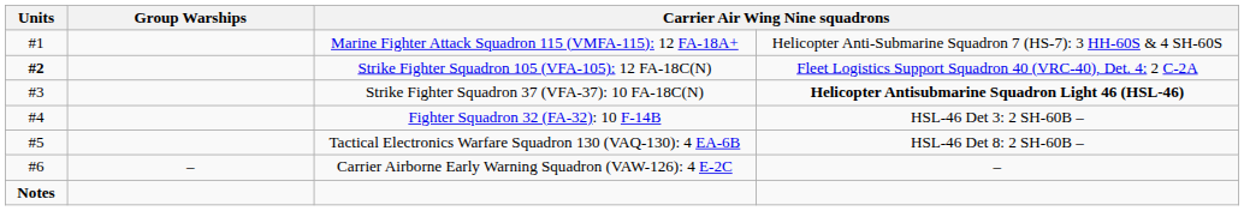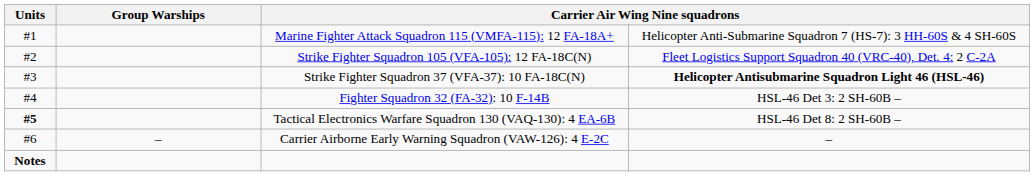 <table class="wikitable" style="text-align:center" width=99%>
 <tr>
 <th rowspan="1" width="5%">Units</th>
 <th colspan="1" width="20%" align="center">Group Warships</th>
 <th colspan="2" align="center">Carrier Air Wing Nine squadrons</th>
 </tr>
 <tr>
 <td>#1</td>
 <td></td>
 <td><a href='#'>Marine Fighter Attack Squadron 115 (VMFA-115):</a> 12 <a href='#'>FA-18A+</a></td>
 <td>Helicopter Anti-Submarine Squadron 7 (HS-7):  3 <a href='#'>HH-60S</a> & 4 SH-60S</td>
 </tr>
 <tr>
-<td><strong>#2</strong></td>
+<td>#2</td>
 <td></td>
 <td><a href='#'>Strike Fighter Squadron 105 (VFA-105):</a> 12 FA-18C(N)</td>
 <td><a href='#'>Fleet Logistics Support Squadron 40 (VRC-40), Det. 4:</a> 2 <a href='#'>C-2A</a></td>
 </tr>
 <tr>
 <td>#3</td>
 <td></td>
 <td>Strike Fighter Squadron 37 (VFA-37):  10 FA-18C(N)</td>
 <td><strong>Helicopter Antisubmarine Squadron Light 46 (HSL-46)</strong></td>
 </tr>
 <tr>
 <td>#4</td>
 <td></td>
 <td><a href='#'>Fighter Squadron 32 (FA-32)</a>:  10 <a href='#'>F-14B</a></td>
 <td>HSL-46 Det 3:  2 SH-60B – </td>
 </tr>
 <tr>
-<td>#5</td>
+<td><strong>#5</strong></td>
 <td></td>
 <td>Tactical Electronics Warfare Squadron 130 (VAQ-130):  4 <a href='#'>EA-6B</a></td>
 <td>HSL-46 Det 8:  2 SH-60B – </td>
 </tr>
 <tr>
 <td>#6</td>
 <td>–</td>
 <td>Carrier Airborne Early Warning Squadron (VAW-126):  4 <a href='#'>E-2C</a></td>
 <td>–</td>
 </tr>
 <tr>
 <td><strong>Notes</strong></td>
 <td></td>
 <td></td>
 <td></td>
 </tr>
 </table>
